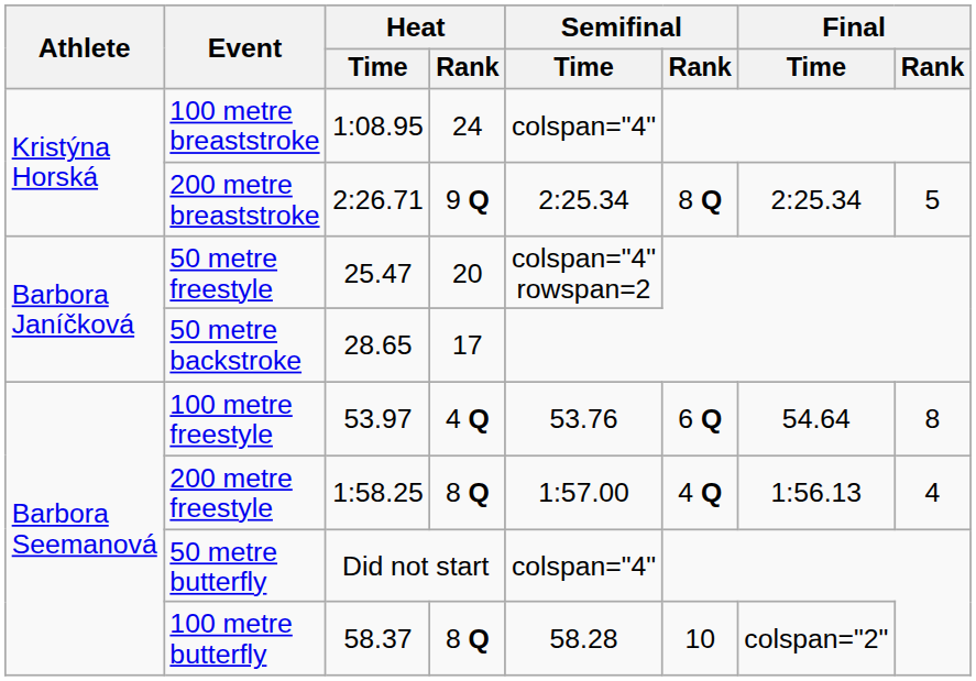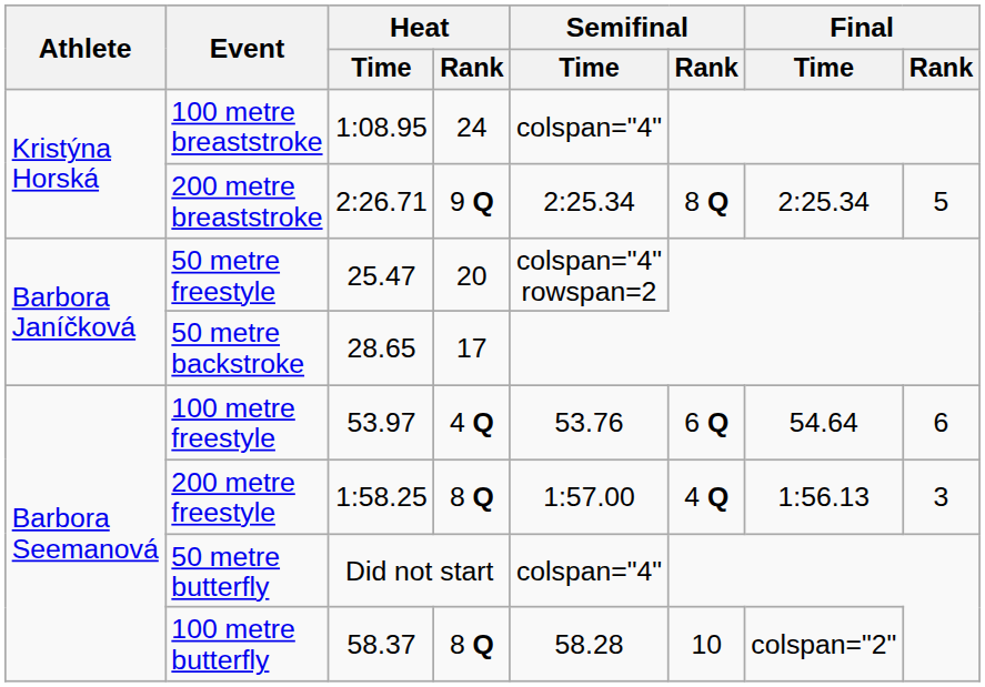 <table class="wikitable" style="text-align:center; font-size:90%; width:50%;">
 <tr>
 <th rowspan="2">Athlete</th>
 <th rowspan="2">Event</th>
 <th colspan="2">Heat</th>
 <th colspan="2">Semifinal</th>
 <th colspan="2">Final</th>
 </tr>
 <tr style="font-size:95%">
 <th>Time</th>
 <th>Rank</th>
 <th>Time</th>
 <th>Rank</th>
 <th>Time</th>
 <th>Rank</th>
 </tr>
 <tr>
 <td align=left rowspan=2><a href='#'>Kristýna Horská</a></td>
 <td align=left><a href='#'>100 metre breaststroke</a></td>
 <td>1:08.95</td>
 <td>24</td>
 <td>colspan="4" </td>
 </tr>
 <tr>
 <td align=left><a href='#'>200 metre breaststroke</a></td>
 <td>2:26.71</td>
 <td>9 <strong>Q</strong></td>
 <td>2:25.34</td>
 <td>8 <strong>Q</strong></td>
 <td>2:25.34</td>
 <td>5</td>
 </tr>
 <tr align=center>
 <td align=left rowspan=2><a href='#'>Barbora Janíčková</a></td>
 <td align=left><a href='#'>50 metre freestyle</a></td>
 <td>25.47</td>
 <td>20</td>
 <td>colspan="4" rowspan=2 </td>
 </tr>
 <tr>
 <td align=left><a href='#'>50 metre backstroke</a></td>
 <td>28.65</td>
 <td>17</td>
 </tr>
 <tr>
 <td align=left rowspan=4><a href='#'>Barbora Seemanová</a></td>
 <td align=left><a href='#'>100 metre freestyle</a></td>
 <td>53.97</td>
 <td>4 <strong>Q</strong></td>
 <td>53.76</td>
 <td>6 <strong>Q</strong></td>
 <td>54.64</td>
-<td>8</td>
+<td>6</td>
 </tr>
 <tr>
 <td align=left><a href='#'>200 metre freestyle</a></td>
 <td>1:58.25</td>
 <td>8 <strong>Q</strong></td>
 <td>1:57.00</td>
 <td>4 <strong>Q</strong></td>
 <td>1:56.13</td>
-<td>4</td>
+<td>3</td>
 </tr>
 <tr>
 <td align=left><a href='#'>50 metre butterfly</a></td>
 <td colspan="2">Did not start</td>
 <td>colspan="4" </td>
 </tr>
 <tr>
 <td align=left><a href='#'>100 metre butterfly</a></td>
 <td>58.37</td>
 <td>8 <strong>Q</strong></td>
 <td>58.28</td>
 <td>10</td>
 <td>colspan="2" </td>
 </tr>
 </table>
